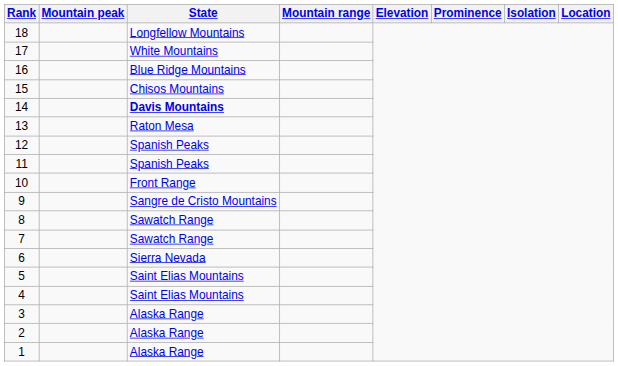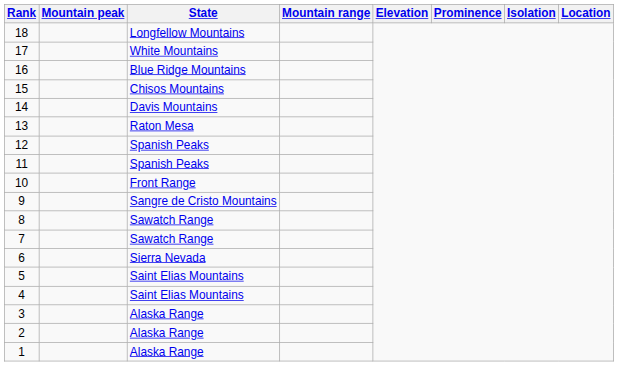 <table class="wikitable sortable">
 <tr>
 <th><a href='#'>Rank</a></th>
 <th><a href='#'>Mountain peak</a></th>
 <th><a href='#'>State</a></th>
 <th><a href='#'>Mountain range</a></th>
 <th><a href='#'>Elevation</a></th>
 <th><a href='#'>Prominence</a></th>
 <th><a href='#'>Isolation</a></th>
 <th><a href='#'>Location</a></th>
 </tr>
 <tr>
 <td align=center>18<br></td>
 <td></td>
 <td><a href='#'>Longfellow Mountains</a><br></td>
 <td></td>
 </tr>
 <tr>
 <td align=center>17<br></td>
 <td></td>
 <td><a href='#'>White Mountains</a><br></td>
 <td></td>
 </tr>
 <tr>
 <td align=center>16<br></td>
 <td></td>
 <td><a href='#'>Blue Ridge Mountains</a><br></td>
 <td></td>
 </tr>
 <tr>
 <td align=center>15<br></td>
 <td></td>
 <td><a href='#'>Chisos Mountains</a><br></td>
 <td></td>
 </tr>
 <tr>
 <td align=center>14<br></td>
 <td></td>
-<td><strong><a href='#'>Davis Mountains</a><br></strong></td>
+<td><a href='#'>Davis Mountains</a><br></td>
 <td></td>
 </tr>
 <tr>
 <td align=center>13<br></td>
 <td></td>
 <td><a href='#'>Raton Mesa</a><br></td>
 <td></td>
 </tr>
 <tr>
 <td align=center>12<br></td>
 <td></td>
 <td><a href='#'>Spanish Peaks</a><br></td>
 <td></td>
 </tr>
 <tr>
 <td align=center>11<br></td>
 <td></td>
 <td><a href='#'>Spanish Peaks</a><br></td>
 <td></td>
 </tr>
 <tr>
 <td align=center>10<br></td>
 <td></td>
 <td><a href='#'>Front Range</a><br></td>
 <td></td>
 </tr>
 <tr>
 <td align=center>9<br></td>
 <td></td>
 <td><a href='#'>Sangre de Cristo Mountains</a><br></td>
 <td></td>
 </tr>
 <tr>
 <td align=center>8<br></td>
 <td></td>
 <td><a href='#'>Sawatch Range</a><br></td>
 <td></td>
 </tr>
 <tr>
 <td align=center>7<br></td>
 <td></td>
 <td><a href='#'>Sawatch Range</a><br></td>
 <td></td>
 </tr>
 <tr>
 <td align=center>6<br></td>
 <td></td>
 <td><a href='#'>Sierra Nevada</a><br></td>
 <td></td>
 </tr>
 <tr>
 <td align=center>5<br></td>
 <td><br></td>
 <td><a href='#'>Saint Elias Mountains</a><br></td>
 <td></td>
 </tr>
 <tr>
 <td align=center>4<br></td>
 <td><br></td>
 <td><a href='#'>Saint Elias Mountains</a><br></td>
 <td></td>
 </tr>
 <tr>
 <td align=center>3<br></td>
 <td></td>
 <td><a href='#'>Alaska Range</a><br></td>
 <td></td>
 </tr>
 <tr>
 <td align=center>2<br></td>
 <td></td>
 <td><a href='#'>Alaska Range</a><br></td>
 <td></td>
 </tr>
 <tr>
 <td align=center>1<br></td>
 <td></td>
 <td><a href='#'>Alaska Range</a><br></td>
 <td></td>
 </tr>
 </table>
